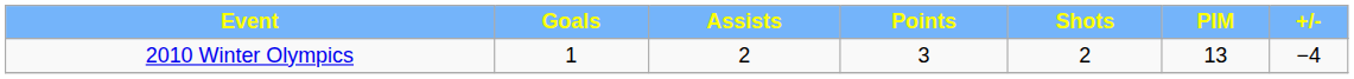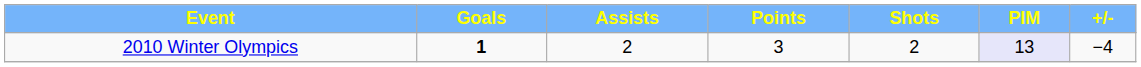 <table class="wikitable" width="80%">
 <tr align="center"  style="background:#74B4FA;color:yellow;">
 <td><strong>Event</strong></td>
 <td><strong>Goals</strong></td>
 <td><strong>Assists</strong></td>
 <td><strong>Points</strong></td>
 <td><strong>Shots</strong></td>
 <td><strong>PIM</strong></td>
 <td><strong>+/-</strong></td>
 </tr>
 <tr align="center" bgcolor="">
 </tr>
 <tr align="center">
 <td><a href='#'>2010 Winter Olympics</a></td>
-<td>1</td>
+<td><strong>1</strong></td>
 <td>2</td>
 <td>3</td>
 <td>2</td>
-<td>13</td>
+<td style="background: lavender;">13</td>
 <td>−4</td>
 </tr>
 <tr align="center">
 </tr>
 </table>
